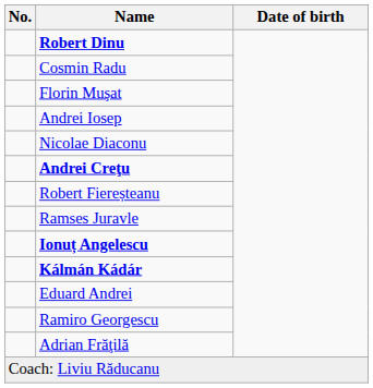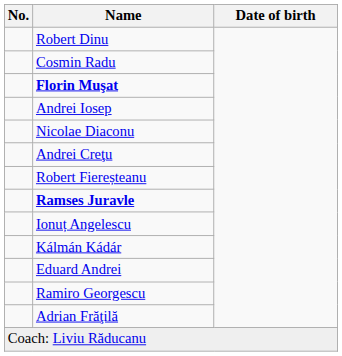 <table class=wikitable sortable style=font-size:100%; text-align:center;>
 <tr>
 <th>No.</th>
 <th style=width:12em>Name</th>
 <th style=width:8em>Date of birth</th>
 </tr>
 <tr>
 <td></td>
-<td align=left><strong><a href='#'>Robert Dinu</a></strong></td>
+<td align=left><a href='#'>Robert Dinu</a></td>
 </tr>
 <tr>
 <td></td>
 <td align=left><a href='#'>Cosmin Radu</a></td>
 </tr>
 <tr>
 <td></td>
-<td align=left><a href='#'>Florin Muşat</a></td>
+<td align=left><strong><a href='#'>Florin Muşat</a></strong></td>
 </tr>
 <tr>
 <td></td>
 <td align=left><a href='#'>Andrei Iosep</a></td>
 </tr>
 <tr>
 <td></td>
 <td align=left><a href='#'>Nicolae Diaconu</a></td>
 </tr>
 <tr>
 <td></td>
-<td align=left><strong><a href='#'>Andrei Creţu</a></strong></td>
+<td align=left><a href='#'>Andrei Creţu</a></td>
 </tr>
 <tr>
 <td></td>
 <td align=left><a href='#'>Robert Fiereșteanu</a></td>
 </tr>
 <tr>
 <td></td>
-<td align=left><a href='#'>Ramses Juravle</a></td>
+<td align=left><strong><a href='#'>Ramses Juravle</a></strong></td>
 </tr>
 <tr>
 <td></td>
-<td align=left><strong><a href='#'>Ionuț Angelescu</a></strong></td>
+<td align=left><a href='#'>Ionuț Angelescu</a></td>
 </tr>
 <tr>
 <td></td>
-<td align=left><strong><a href='#'>Kálmán Kádár</a></strong></td>
+<td align=left><a href='#'>Kálmán Kádár</a></td>
 </tr>
 <tr>
 <td></td>
 <td align=left><a href='#'>Eduard Andrei</a></td>
 </tr>
 <tr>
 <td></td>
 <td align=left><a href='#'>Ramiro Georgescu</a></td>
 </tr>
 <tr>
 <td></td>
 <td align=left><a href='#'>Adrian Frăţilă</a></td>
 </tr>
 <tr style=background:#efefef;>
 <td colspan=3 style=text-align:left;>Coach: <a href='#'>Liviu Răducanu</a></td>
 </tr>
 </table>
